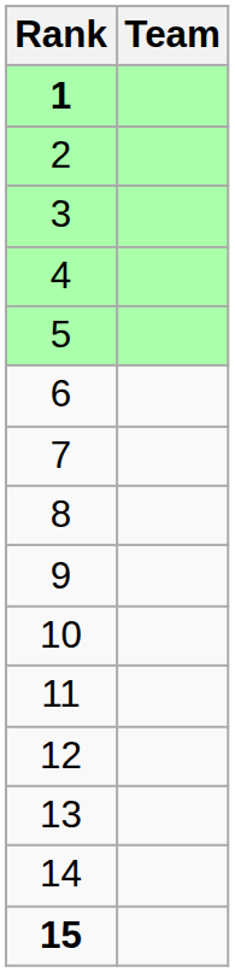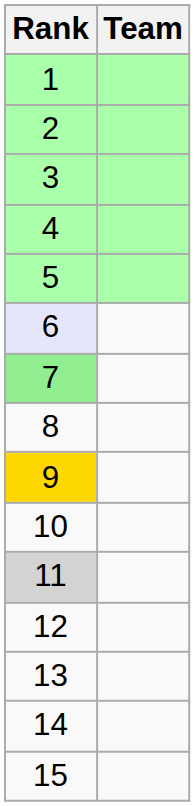 <table class="wikitable">
 <tr>
 <th>Rank</th>
 <th>Team</th>
 </tr>
 <tr bgcolor="#aaffaa ">
-<td align=center><strong>1</strong></td>
+<td align=center>1</td>
 <td></td>
 </tr>
 <tr bgcolor="#aaffaa">
 <td align=center>2</td>
 <td></td>
 </tr>
 <tr bgcolor="#aaffaa">
 <td align=center>3</td>
 <td></td>
 </tr>
 <tr bgcolor="#aaffaa">
 <td align=center>4</td>
 <td></td>
 </tr>
 <tr bgcolor="#aaffaa">
 <td align=center>5</td>
 <td></td>
 </tr>
 <tr>
-<td align=center>6</td>
+<td align=center style="background: lavender;">6</td>
 <td></td>
 </tr>
 <tr>
-<td align=center>7</td>
+<td align=center style="background: lightgreen;">7</td>
 <td></td>
 </tr>
 <tr>
 <td align=center>8</td>
 <td></td>
 </tr>
 <tr>
-<td align=center>9</td>
+<td align=center style="background: gold;">9</td>
 <td></td>
 </tr>
 <tr>
 <td align=center>10</td>
 <td></td>
 </tr>
 <tr>
-<td align=center>11</td>
+<td align=center style="background: lightgrey;">11</td>
 <td></td>
 </tr>
 <tr>
 <td align=center>12</td>
 <td></td>
 </tr>
 <tr>
 <td align=center>13</td>
 <td></td>
 </tr>
 <tr>
 <td align=center>14</td>
 <td></td>
 </tr>
 <tr>
-<td align=center><strong>15</strong></td>
+<td align=center>15</td>
 <td></td>
 </tr>
 </table>
